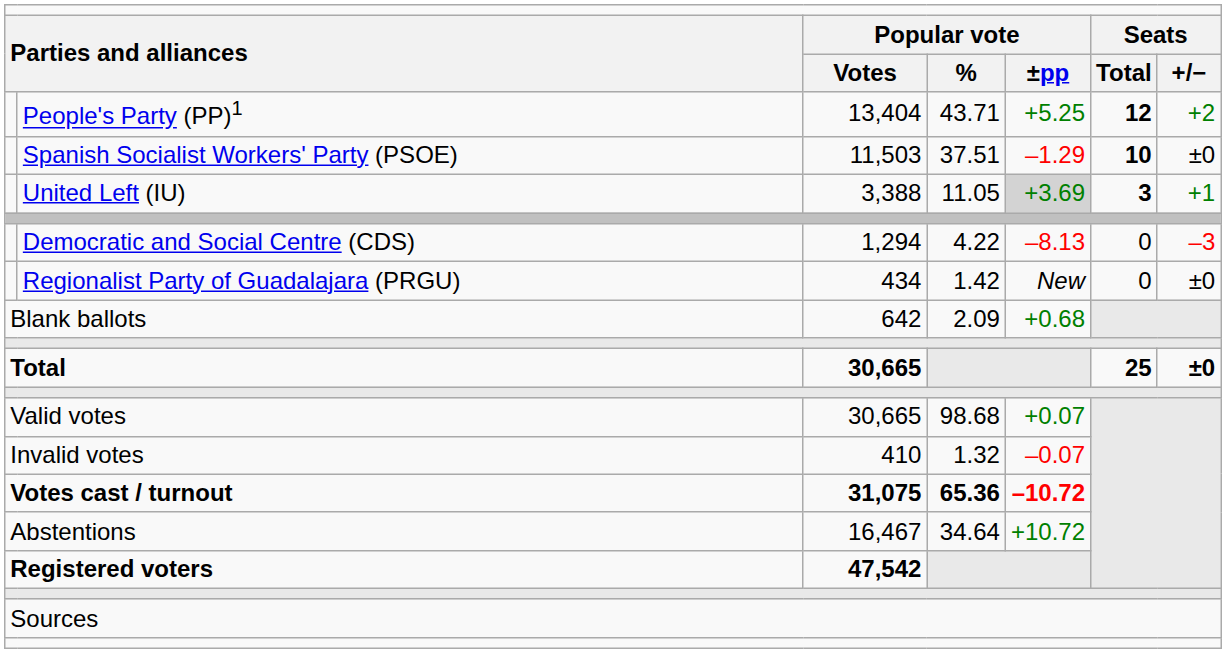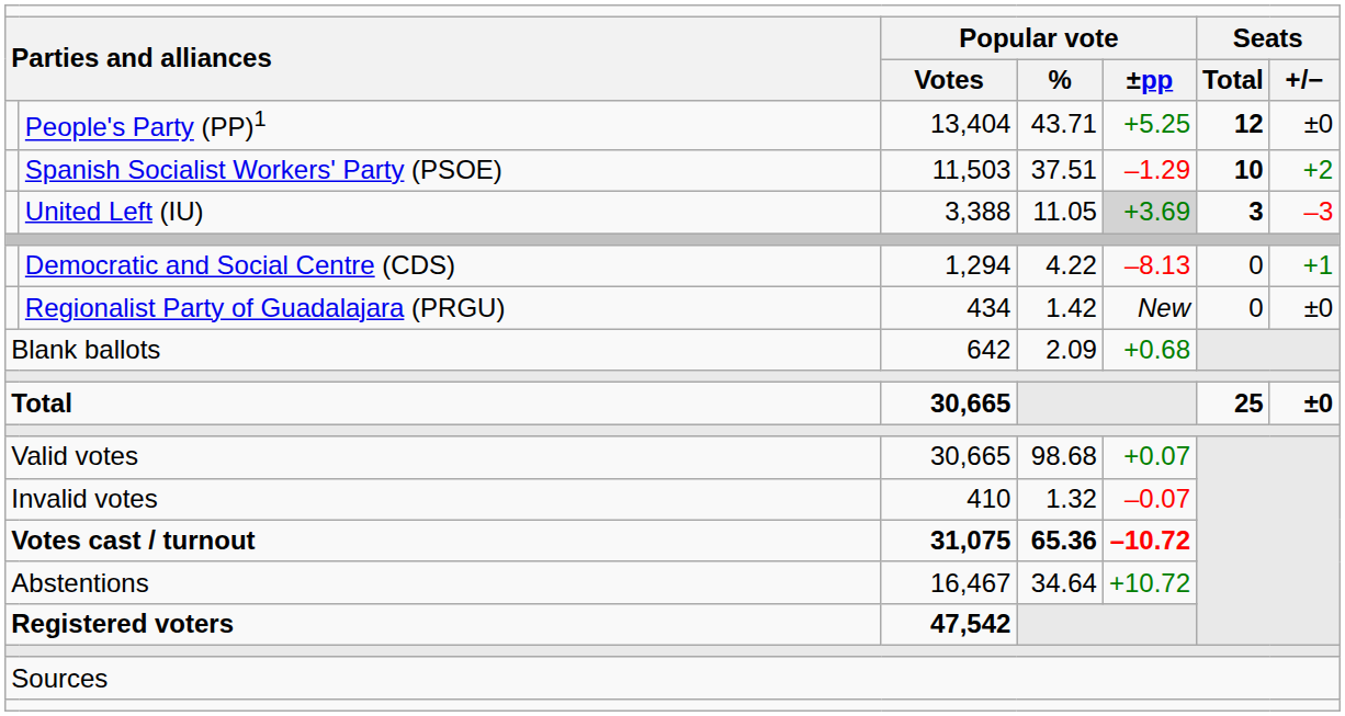 <table class="wikitable" style="text-align:right;">
 <tr>
 <td colspan="7"></td>
 </tr>
 <tr>
 <th style="text-align:left;" rowspan="2" colspan="2" width="525">Parties and alliances</th>
 <th colspan="3">Popular vote</th>
 <th colspan="2">Seats</th>
 </tr>
 <tr>
 <th width="75">Votes</th>
 <th width="45">%</th>
 <th width="45">±<a href='#'>pp</a></th>
 <th width="35">Total</th>
 <th width="35">+/−</th>
 </tr>
 <tr>
 <td width="1" style="color:inherit;background:"></td>
 <td align="left"><a href='#'>People's Party</a> (PP)<sup>1</sup></td>
 <td>13,404</td>
 <td>43.71</td>
 <td style="color:green;">+5.25</td>
 <td><strong>12</strong></td>
-<td style="color:green;">+2</td>
+<td>±0</td>
 </tr>
 <tr>
 <td style="color:inherit;background:"></td>
 <td align="left"><a href='#'>Spanish Socialist Workers' Party</a> (PSOE)</td>
 <td>11,503</td>
 <td>37.51</td>
 <td style="color:red;">–1.29</td>
 <td><strong>10</strong></td>
-<td>±0</td>
+<td style="color:green;">+2</td>
 </tr>
 <tr>
 <td style="color:inherit;background:"></td>
 <td align="left"><a href='#'>United Left</a> (IU)</td>
 <td>3,388</td>
 <td>11.05</td>
 <td style="background: lightgrey; color:green;">+3.69</td>
 <td><strong>3</strong></td>
-<td style="color:green;">+1</td>
+<td style="color:red;">–3</td>
 </tr>
 <tr>
 <td colspan="7" bgcolor="#C0C0C0"></td>
 </tr>
 <tr>
 <td style="color:inherit;background:"></td>
 <td align="left"><a href='#'>Democratic and Social Centre</a> (CDS)</td>
 <td>1,294</td>
 <td>4.22</td>
 <td style="color:red;">–8.13</td>
 <td>0</td>
-<td style="color:red;">–3</td>
+<td style="color:green;">+1</td>
 </tr>
 <tr>
 <td style="color:inherit;background:"></td>
 <td align="left"><a href='#'>Regionalist Party of Guadalajara</a> (PRGU)</td>
 <td>434</td>
 <td>1.42</td>
 <td><em>New</em></td>
 <td>0</td>
 <td>±0</td>
 </tr>
 <tr>
 <td align="left" colspan="2">Blank ballots</td>
 <td>642</td>
 <td>2.09</td>
 <td style="color:green;">+0.68</td>
 <td bgcolor="#E9E9E9" colspan="2"></td>
 </tr>
 <tr>
 <td colspan="7" bgcolor="#E9E9E9"></td>
 </tr>
 <tr style="font-weight:bold;">
 <td align="left" colspan="2">Total</td>
 <td>30,665</td>
 <td bgcolor="#E9E9E9" colspan="2"></td>
 <td>25</td>
 <td>±0</td>
 </tr>
 <tr>
 <td colspan="7" bgcolor="#E9E9E9"></td>
 </tr>
 <tr>
 <td align="left" colspan="2">Valid votes</td>
 <td>30,665</td>
 <td>98.68</td>
 <td style="color:green;">+0.07</td>
 <td bgcolor="#E9E9E9" colspan="2" rowspan="5"></td>
 </tr>
 <tr>
 <td align="left" colspan="2">Invalid votes</td>
 <td>410</td>
 <td>1.32</td>
 <td style="color:red;">–0.07</td>
 </tr>
 <tr style="font-weight:bold;">
 <td align="left" colspan="2">Votes cast / turnout</td>
 <td>31,075</td>
 <td>65.36</td>
 <td style="color:red;">–10.72</td>
 </tr>
 <tr>
 <td align="left" colspan="2">Abstentions</td>
 <td>16,467</td>
 <td>34.64</td>
 <td style="color:green;">+10.72</td>
 </tr>
 <tr style="font-weight:bold;">
 <td align="left" colspan="2">Registered voters</td>
 <td>47,542</td>
 <td bgcolor="#E9E9E9" colspan="2"></td>
 </tr>
 <tr>
 <td colspan="7" bgcolor="#E9E9E9"></td>
 </tr>
 <tr>
 <td align="left" colspan="7">Sources</td>
 </tr>
 <tr>
 <td colspan="7" style="text-align:left; max-width:790px;"></td>
 </tr>
 </table>
